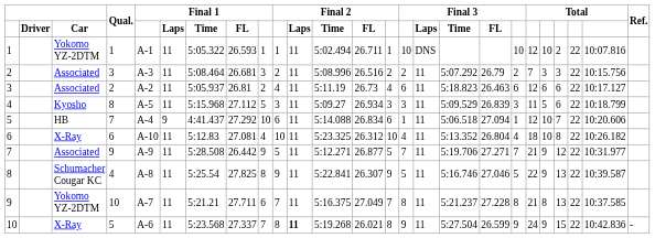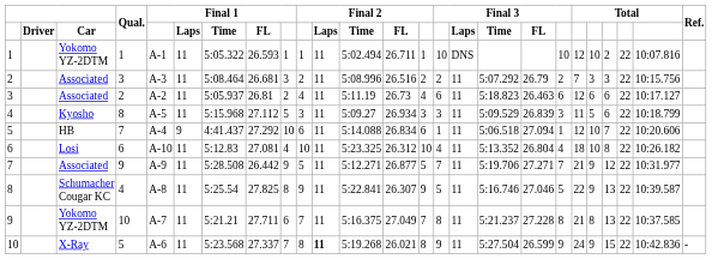 <table border="2" cellpadding="2" cellspacing="0" style="margin:0 1em 0 0; border:1px #aaa solid; border-collapse:collapse; font-size:85%;">
 <tr>
 <th colspan="3"></th>
 <th rowspan="2" style="text-align:center;">Qual.</th>
 <th colspan="5" style="text-align:center;">Final 1</th>
 <th colspan="5" style="text-align:center;">Final 2</th>
 <th colspan="5" style="text-align:center;">Final 3</th>
 <th colspan="5" style="text-align:center;">Total</th>
 <th rowspan="2" style="text-align:center;">Ref.</th>
 </tr>
 <tr>
 <th style="text-align:center;"></th>
 <th style="text-align:center;">Driver</th>
 <th style="text-align:center;">Car</th>
 <th style="text-align:center;"></th>
 <th style="text-align:center;">Laps</th>
 <th style="text-align:center;">Time</th>
 <th style="text-align:center;">FL</th>
 <th style="text-align:center;"></th>
 <th style="text-align:center;"></th>
 <th style="text-align:center;">Laps</th>
 <th style="text-align:center;">Time</th>
 <th style="text-align:center;">FL</th>
 <th style="text-align:center;"></th>
 <th style="text-align:center;"></th>
 <th style="text-align:center;">Laps</th>
 <th style="text-align:center;">Time</th>
 <th style="text-align:center;">FL</th>
 <th style="text-align:center;"></th>
 <th style="text-align:center;"></th>
 <th style="text-align:center;"></th>
 <th style="text-align:center;"></th>
 <th style="text-align:center;"></th>
 <th style="text-align:center;"></th>
 </tr>
 <tr>
 <td>1</td>
 <td></td>
 <td><a href='#'>Yokomo</a><br> YZ-2DTM</td>
 <td>1</td>
 <td>A-1</td>
 <td>11</td>
 <td>5:05.322</td>
 <td>26.593</td>
 <td>1</td>
 <td>1</td>
 <td>11</td>
 <td>5:02.494</td>
 <td>26.711</td>
 <td>1</td>
 <td>10</td>
 <td>DNS</td>
 <td></td>
 <td></td>
 <td>10</td>
 <td>12</td>
 <td>10</td>
 <td>2</td>
 <td>22</td>
 <td>10:07.816</td>
 <td><br>    </td>
 </tr>
 <tr>
 <td>2</td>
 <td></td>
 <td><a href='#'>Associated</a></td>
 <td>3</td>
 <td>A-3</td>
 <td>11</td>
 <td>5:08.464</td>
 <td>26.681</td>
 <td>3</td>
 <td>2</td>
 <td>11</td>
 <td>5:08.996</td>
 <td>26.516</td>
 <td>2</td>
 <td>2</td>
 <td>11</td>
 <td>5:07.292</td>
 <td>26.79</td>
 <td>2</td>
 <td>7</td>
 <td>3</td>
 <td>3</td>
 <td>22</td>
 <td>10:15.756</td>
 <td></td>
 </tr>
 <tr>
 <td>3</td>
 <td></td>
 <td><a href='#'>Associated</a></td>
 <td>2</td>
 <td>A-2</td>
 <td>11</td>
 <td>5:05.937</td>
 <td>26.81</td>
 <td>2</td>
 <td>4</td>
 <td>11</td>
 <td>5:11.19</td>
 <td>26.73</td>
 <td>4</td>
 <td>6</td>
 <td>11</td>
 <td>5:18.823</td>
 <td>26.463</td>
 <td>6</td>
 <td>12</td>
 <td>6</td>
 <td>6</td>
 <td>22</td>
 <td>10:17.127</td>
 <td></td>
 </tr>
 <tr>
 <td>4</td>
 <td></td>
 <td><a href='#'>Kyosho</a></td>
 <td>8</td>
 <td>A-5</td>
 <td>11</td>
 <td>5:15.968</td>
 <td>27.112</td>
 <td>5</td>
 <td>3</td>
 <td>11</td>
 <td>5:09.27</td>
 <td>26.934</td>
 <td>3</td>
 <td>3</td>
 <td>11</td>
 <td>5:09.529</td>
 <td>26.839</td>
 <td>3</td>
 <td>11</td>
 <td>5</td>
 <td>6</td>
 <td>22</td>
 <td>10:18.799</td>
 <td></td>
 </tr>
 <tr>
 <td>5</td>
 <td></td>
 <td>HB</td>
 <td>7</td>
 <td>A-4</td>
 <td>9</td>
 <td>4:41.437</td>
 <td>27.292</td>
 <td>10</td>
 <td>6</td>
 <td>11</td>
 <td>5:14.088</td>
 <td>26.834</td>
 <td>6</td>
 <td>1</td>
 <td>11</td>
 <td>5:06.518</td>
 <td>27.094</td>
 <td>1</td>
 <td>12</td>
 <td>10</td>
 <td>7</td>
 <td>22</td>
 <td>10:20.606</td>
 <td></td>
 </tr>
 <tr>
 <td>6</td>
 <td></td>
-<td><a href='#'>X-Ray</a></td>
+<td><a href='#'>Losi</a></td>
 <td>6</td>
 <td>A-10</td>
 <td>11</td>
 <td>5:12.83</td>
 <td>27.081</td>
 <td>4</td>
 <td>10</td>
 <td>11</td>
 <td>5:23.325</td>
 <td>26.312</td>
 <td>10</td>
 <td>4</td>
 <td>11</td>
 <td>5:13.352</td>
 <td>26.804</td>
 <td>4</td>
 <td>18</td>
 <td>10</td>
 <td>8</td>
 <td>22</td>
 <td>10:26.182</td>
 <td></td>
 </tr>
 <tr>
 <td>7</td>
 <td></td>
 <td><a href='#'>Associated</a></td>
 <td>9</td>
 <td>A-9</td>
 <td>11</td>
 <td>5:28.508</td>
 <td>26.442</td>
 <td>9</td>
 <td>5</td>
 <td>11</td>
 <td>5:12.271</td>
 <td>26.877</td>
 <td>5</td>
 <td>7</td>
 <td>11</td>
 <td>5:19.706</td>
 <td>27.271</td>
 <td>7</td>
 <td>21</td>
 <td>9</td>
 <td>12</td>
 <td>22</td>
 <td>10:31.977</td>
 <td></td>
 </tr>
 <tr>
 <td>8</td>
 <td></td>
 <td><a href='#'>Schumacher</a><br> Cougar KC</td>
 <td>4</td>
 <td>A-8</td>
 <td>11</td>
 <td>5:25.54</td>
 <td>27.825</td>
 <td>8</td>
 <td>9</td>
 <td>11</td>
 <td>5:22.841</td>
 <td>26.307</td>
 <td>9</td>
 <td>5</td>
 <td>11</td>
 <td>5:16.746</td>
 <td>27.046</td>
 <td>5</td>
 <td>22</td>
 <td>9</td>
 <td>13</td>
 <td>22</td>
 <td>10:39.587</td>
 <td></td>
 </tr>
 <tr>
 <td>9</td>
 <td></td>
 <td><a href='#'>Yokomo</a><br> YZ-2DTM</td>
 <td>10</td>
 <td>A-7</td>
 <td>11</td>
 <td>5:21.21</td>
 <td>27.711</td>
 <td>6</td>
 <td>7</td>
 <td>11</td>
 <td>5:16.375</td>
 <td>27.049</td>
 <td>7</td>
 <td>8</td>
 <td>11</td>
 <td>5:21.237</td>
 <td>27.228</td>
 <td>8</td>
 <td>21</td>
 <td>8</td>
 <td>13</td>
 <td>22</td>
 <td>10:37.585</td>
 <td></td>
 </tr>
 <tr>
 <td>10</td>
 <td></td>
 <td><a href='#'>X-Ray</a></td>
 <td>5</td>
 <td>A-6</td>
 <td>11</td>
 <td>5:23.568</td>
 <td>27.337</td>
 <td>7</td>
 <td>8</td>
 <td><strong>11</strong></td>
 <td>5:19.268</td>
 <td>26.021</td>
 <td>8</td>
 <td>9</td>
 <td>11</td>
 <td>5:27.504</td>
 <td>26.599</td>
 <td>9</td>
 <td>24</td>
 <td>9</td>
 <td>15</td>
 <td>22</td>
 <td>10:42.836</td>
 <td>-</td>
 </tr>
 </table>
